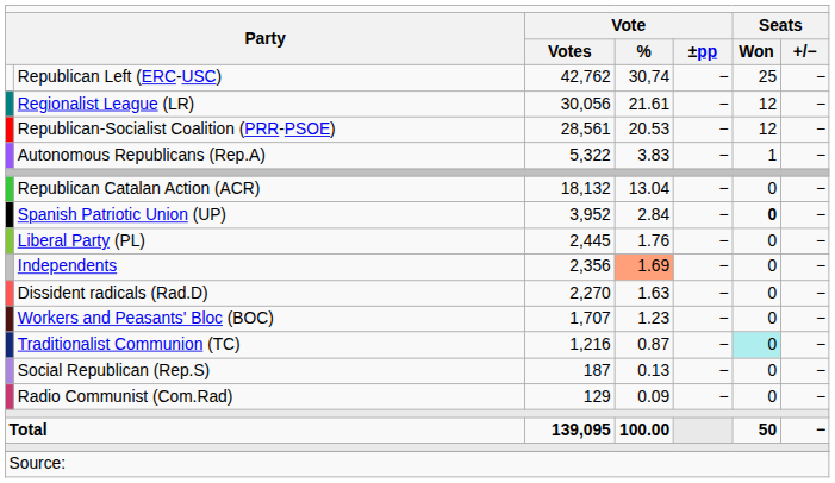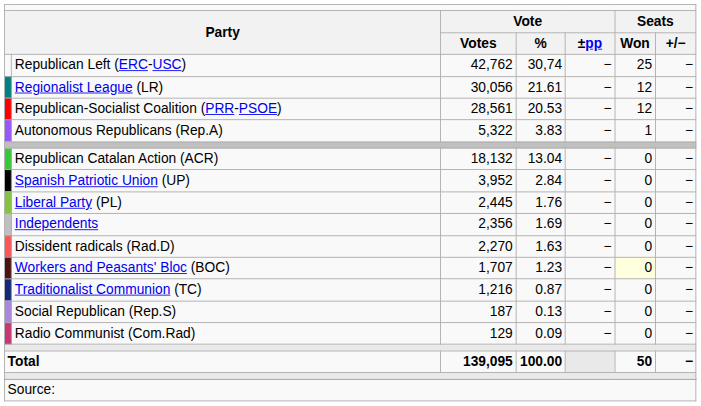 <table class="wikitable" style="text-align:right; font-size:100%;">
 <tr>
 <td colspan="7"></td>
 </tr>
 <tr>
 <th align="left" rowspan="2" colspan="2" width="500">Party</th>
 <th colspan="3">Vote</th>
 <th colspan="2">Seats</th>
 </tr>
 <tr>
 <th width="80">Votes</th>
 <th width="50">%</th>
 <th width="50">±<a href='#'>pp</a></th>
 <th width="40">Won</th>
 <th width="40">+/−</th>
 </tr>
 <tr>
 <td width="1"></td>
 <td align="left">Republican Left (<a href='#'>ERC</a>-<a href='#'>USC</a>)</td>
 <td>42,762</td>
 <td>30,74</td>
 <td>−</td>
 <td>25</td>
 <td>−</td>
 </tr>
 <tr>
 <td width="1" style="color:inherit;background:#008080"></td>
 <td align="left"><a href='#'>Regionalist League</a> (LR)</td>
 <td>30,056</td>
 <td>21.61</td>
 <td>−</td>
 <td>12</td>
 <td>−</td>
 </tr>
 <tr>
 <td width="1" style="color:inherit;background:#ff0000"></td>
 <td align="left">Republican-Socialist Coalition (<a href='#'>PRR</a>-<a href='#'>PSOE</a>)</td>
 <td>28,561</td>
 <td>20.53</td>
 <td>−</td>
 <td>12</td>
 <td>−</td>
 </tr>
 <tr>
 <td width="1" style="color:inherit;background:#9955ff"></td>
 <td align="left">Autonomous Republicans (Rep.A)</td>
 <td>5,322</td>
 <td>3.83</td>
 <td>−</td>
 <td>1</td>
 <td>−</td>
 </tr>
 <tr>
 <td colspan="7" bgcolor="#C0C0C0"></td>
 </tr>
 <tr>
 <td width="1" style="color:inherit;background:#37C837"></td>
 <td align="left">Republican Catalan Action (ACR)</td>
 <td>18,132</td>
 <td>13.04</td>
 <td>−</td>
 <td>0</td>
 <td>−</td>
 </tr>
 <tr>
 <td width="1" style="color:inherit;background:#000000"></td>
 <td align="left"><a href='#'>Spanish Patriotic Union</a> (UP)</td>
 <td>3,952</td>
 <td>2.84</td>
 <td>−</td>
-<td><strong>0</strong></td>
+<td>0</td>
 <td>−</td>
 </tr>
 <tr>
 <td width="1" style="color:inherit;background:#83C53A"></td>
 <td align="left"><a href='#'>Liberal Party</a> (PL)</td>
 <td>2,445</td>
 <td>1.76</td>
 <td>−</td>
 <td>0</td>
 <td>−</td>
 </tr>
 <tr>
 <td width="1" style="color:inherit;background:#C0C0C0"></td>
 <td align="left"><a href='#'>Independents</a></td>
 <td>2,356</td>
-<td style="background: lightsalmon;">1.69</td>
+<td>1.69</td>
 <td>−</td>
 <td>0</td>
 <td>−</td>
 </tr>
 <tr>
 <td width="1" style="color:inherit;background:#ff5555"></td>
 <td align="left">Dissident radicals (Rad.D)</td>
 <td>2,270</td>
 <td>1.63</td>
 <td>−</td>
 <td>0</td>
 <td>−</td>
 </tr>
 <tr>
 <td width="1" style="color:inherit;background:#4D1313"></td>
 <td align="left"><a href='#'>Workers and Peasants' Bloc</a> (BOC)</td>
 <td>1,707</td>
 <td>1.23</td>
 <td>−</td>
-<td>0</td>
+<td style="background: lightyellow;">0</td>
 <td>−</td>
 </tr>
 <tr>
 <td width="1" style="color:inherit;background:#112978"></td>
 <td align="left"><a href='#'>Traditionalist Communion</a> (TC)</td>
 <td>1,216</td>
 <td>0.87</td>
 <td>−</td>
-<td style="background: paleturquoise;">0</td>
+<td>0</td>
 <td>−</td>
 </tr>
 <tr>
 <td width="1" style="color:inherit;background:#AA87DE"></td>
 <td align="left">Social Republican (Rep.S)</td>
 <td>187</td>
 <td>0.13</td>
 <td>−</td>
 <td>0</td>
 <td>−</td>
 </tr>
 <tr>
 <td width="1" style="color:inherit;background:#C83771"></td>
 <td align="left">Radio Communist (Com.Rad)</td>
 <td>129</td>
 <td>0.09</td>
 <td>−</td>
 <td>0</td>
 <td>−</td>
 </tr>
 <tr>
 <td colspan="7" bgcolor="#E9E9E9"></td>
 </tr>
 <tr style="font-weight:bold;">
 <td align="left" colspan="2">Total</td>
 <td>139,095</td>
 <td>100.00</td>
 <td bgcolor="#E9E9E9"></td>
 <td>50</td>
 <td>−</td>
 </tr>
 <tr>
 <td colspan="7" bgcolor="#E9E9E9"></td>
 </tr>
 <tr style="font-weight:bold;">
 </tr>
 <tr>
 <td align="left" colspan="7">Source: </td>
 </tr>
 </table>
